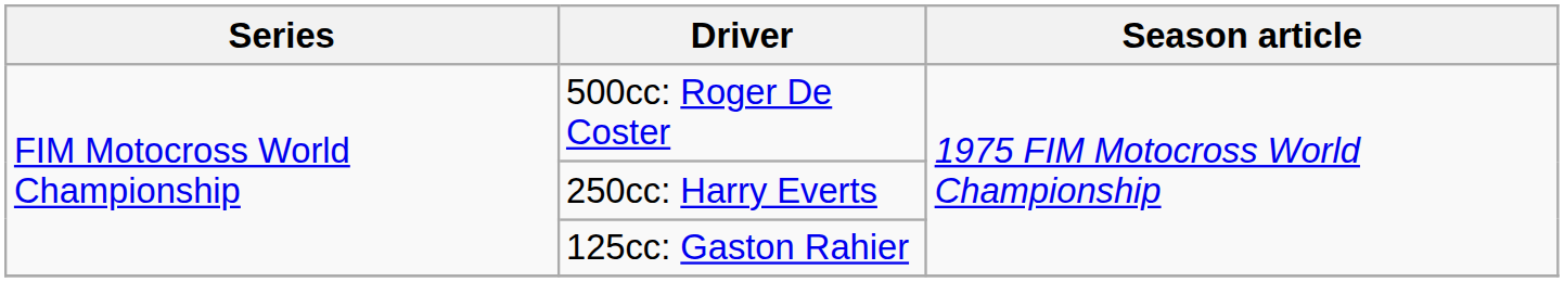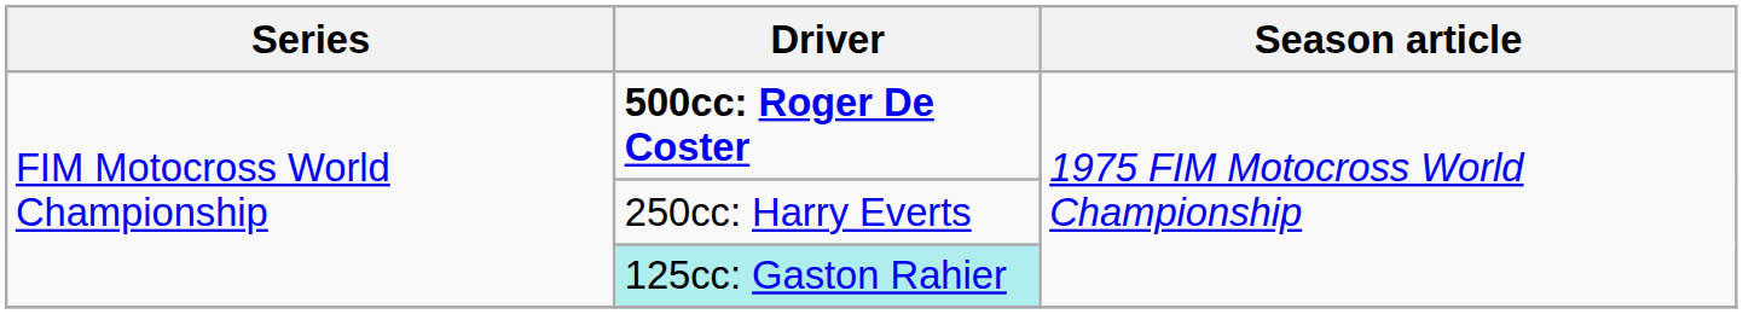 <table class="wikitable" style="font-size: 87%;">
 <tr>
 <th>Series</th>
 <th>Driver</th>
 <th>Season article</th>
 </tr>
 <tr>
 <td rowspan=3><a href='#'>FIM Motocross World Championship</a></td>
-<td>500cc:  <a href='#'>Roger De Coster</a></td>
+<td><strong>500cc:  <a href='#'>Roger De Coster</a></strong></td>
 <td rowspan=3><em><a href='#'>1975 FIM Motocross World Championship</a></em></td>
 </tr>
 <tr>
 <td>250cc:  <a href='#'>Harry Everts</a></td>
 </tr>
 <tr>
-<td>125cc:  <a href='#'>Gaston Rahier</a></td>
+<td style="background: paleturquoise;">125cc:  <a href='#'>Gaston Rahier</a></td>
 </tr>
 <tr>
 </tr>
 </table>
